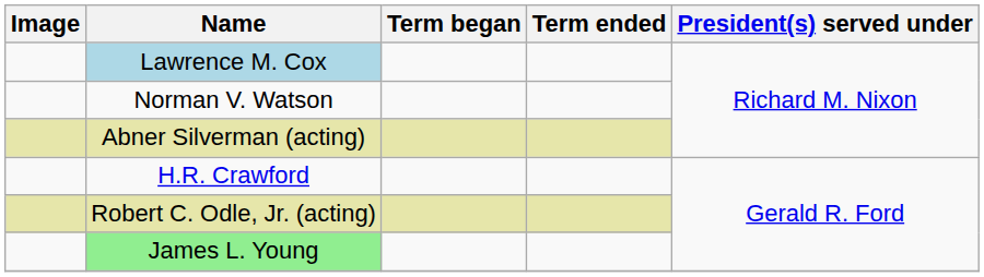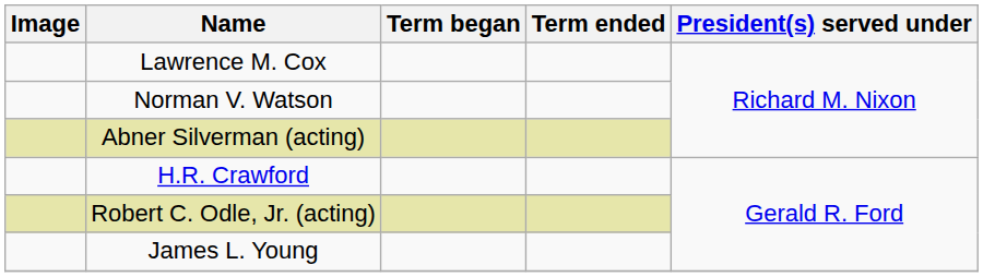 <table class="wikitable" style="text-align:center">
 <tr>
 <th>Image</th>
 <th>Name</th>
 <th>Term began</th>
 <th>Term ended</th>
 <th><a href='#'>President(s)</a> served under</th>
 </tr>
 <tr>
 <td></td>
-<td style="background: lightblue;">Lawrence M. Cox</td>
+<td>Lawrence M. Cox</td>
 <td></td>
 <td></td>
 <td rowspan=4><a href='#'>Richard M. Nixon</a></td>
 </tr>
 <tr>
 <td></td>
 <td>Norman V. Watson</td>
 <td></td>
 <td></td>
 </tr>
 <tr>
 <td style='background: #e6e6aa'></td>
 <td style='background: #e6e6aa'>Abner Silverman (acting)</td>
 <td style='background: #e6e6aa'></td>
 <td style='background: #e6e6aa'></td>
 </tr>
 <tr>
 <td rowspan=2></td>
 <td rowspan=2><a href='#'>H.R. Crawford</a></td>
 <td rowspan=2></td>
 <td rowspan=2></td>
 </tr>
 <tr>
 <td rowspan=3><a href='#'>Gerald R. Ford</a></td>
 </tr>
 <tr>
 <td style='background: #e6e6aa'></td>
 <td style='background: #e6e6aa'>Robert C. Odle, Jr. (acting)</td>
 <td style='background: #e6e6aa'></td>
 <td style='background: #e6e6aa'></td>
 </tr>
 <tr>
 <td></td>
-<td style="background: lightgreen;">James L. Young</td>
+<td>James L. Young</td>
 <td></td>
 <td></td>
 </tr>
 <tr>
 </tr>
 </table>
